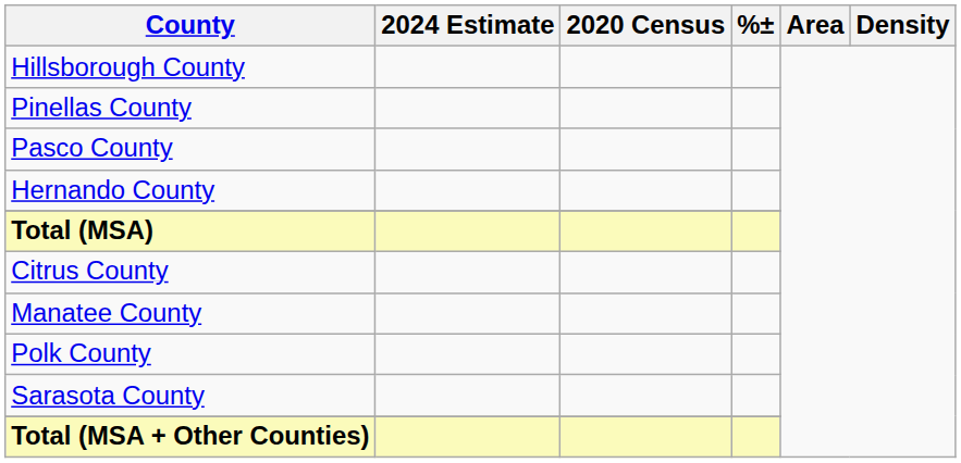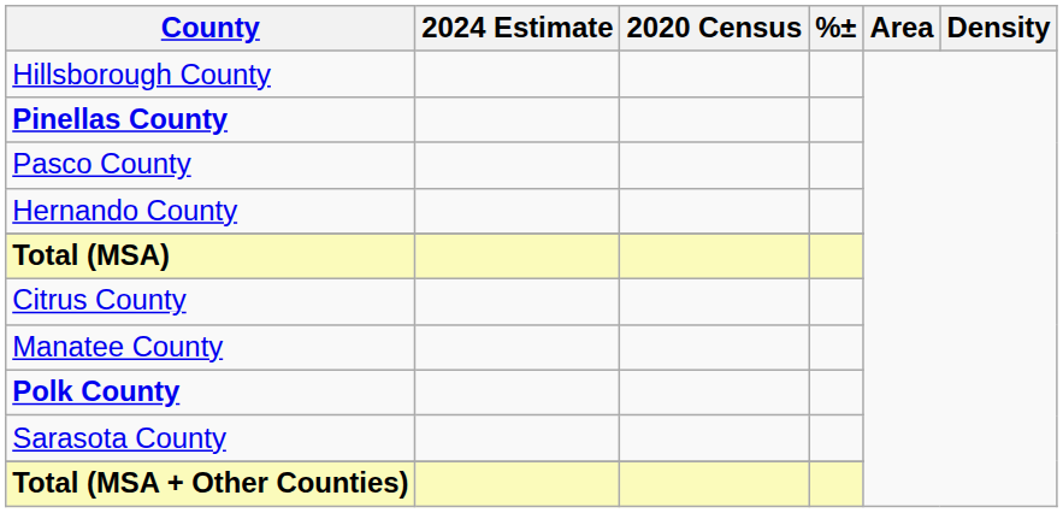 <table class="wikitable sortable">
 <tr>
 <th><a href='#'>County</a></th>
 <th>2024 Estimate</th>
 <th>2020 Census</th>
 <th>%±</th>
 <th>Area</th>
 <th>Density</th>
 </tr>
 <tr>
 <td><a href='#'>Hillsborough County</a></td>
 <td></td>
 <td></td>
 <td></td>
 </tr>
 <tr>
-<td><a href='#'>Pinellas County</a></td>
+<td><strong><a href='#'>Pinellas County</a></strong></td>
 <td></td>
 <td></td>
 <td></td>
 </tr>
 <tr>
 <td><a href='#'>Pasco County</a></td>
 <td></td>
 <td></td>
 <td></td>
 </tr>
 <tr>
 <td><a href='#'>Hernando County</a></td>
 <td></td>
 <td></td>
 <td></td>
 </tr>
 <tr>
 </tr>
 <tr class=sortbottom style="background:#fbfbbb">
 <td><strong>Total (MSA)</strong></td>
 <td></td>
 <td></td>
 <td></td>
 </tr>
 <tr>
 <td><a href='#'>Citrus County</a></td>
 <td></td>
 <td></td>
 <td></td>
 </tr>
 <tr>
 <td><a href='#'>Manatee County</a></td>
 <td></td>
 <td></td>
 <td></td>
 </tr>
 <tr>
-<td><a href='#'>Polk County</a></td>
+<td><strong><a href='#'>Polk County</a></strong></td>
 <td></td>
 <td></td>
 <td></td>
 </tr>
 <tr>
 <td><a href='#'>Sarasota County</a></td>
 <td></td>
 <td></td>
 <td></td>
 </tr>
 <tr>
 </tr>
 <tr class=sortbottom style="background:#fbfbbb">
 <td><strong>Total (MSA + Other Counties)</strong></td>
 <td></td>
 <td></td>
 <td></td>
 </tr>
 </table>
